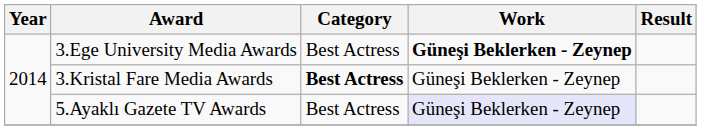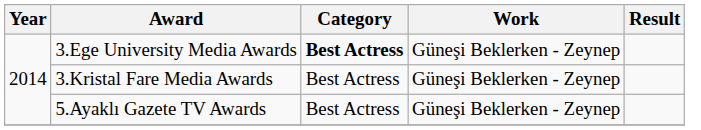 <table class="wikitable sortable">
 <tr>
 <th>Year</th>
 <th>Award</th>
 <th>Category</th>
 <th>Work</th>
 <th>Result</th>
 </tr>
 <tr>
 <td rowspan="3">2014</td>
 <td>3.Ege University Media Awards</td>
-<td>Best Actress</td>
-<td><strong>Güneşi Beklerken - Zeynep</strong></td>
+<td><strong>Best Actress</strong></td>
+<td>Güneşi Beklerken - Zeynep</td>
 <td></td>
 </tr>
 <tr>
 <td>3.Kristal Fare Media Awards</td>
-<td><strong>Best Actress</strong></td>
+<td>Best Actress</td>
 <td>Güneşi Beklerken - Zeynep</td>
 <td></td>
 </tr>
 <tr>
 <td>5.Ayaklı Gazete TV Awards</td>
 <td>Best Actress</td>
-<td style="background: lavender;">Güneşi Beklerken - Zeynep</td>
+<td>Güneşi Beklerken - Zeynep</td>
 <td></td>
 </tr>
 <tr>
 </tr>
 </table>
